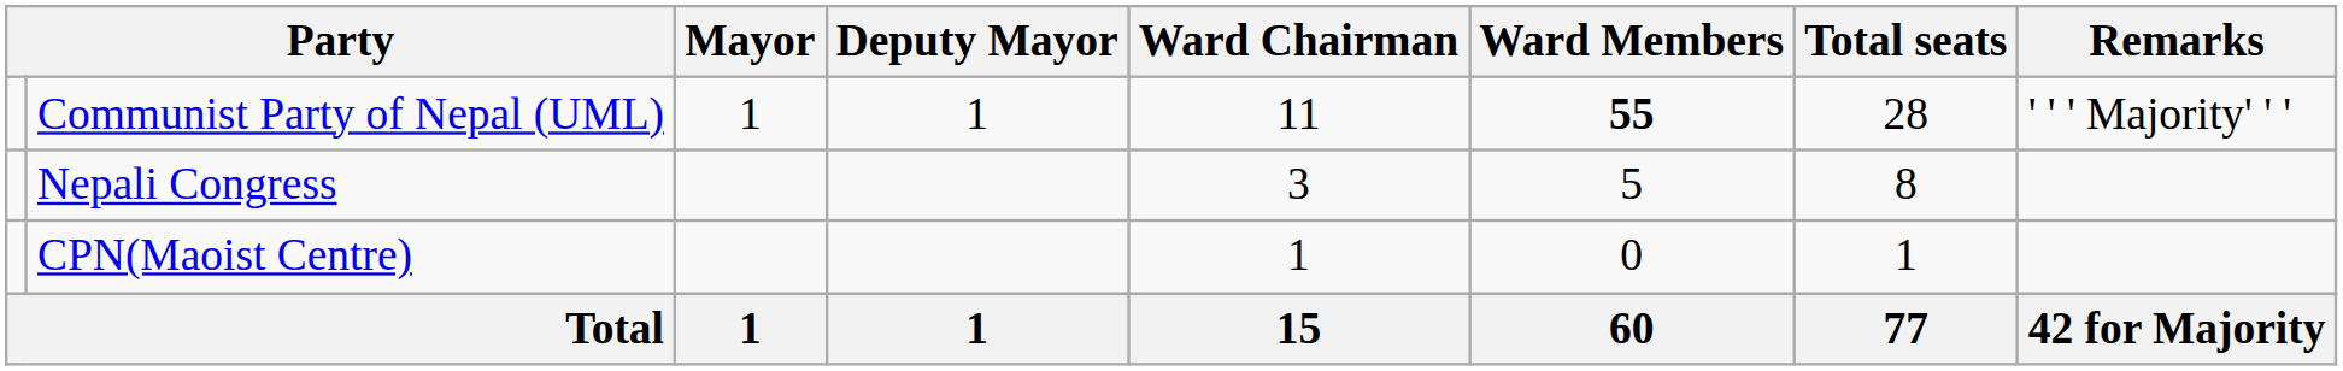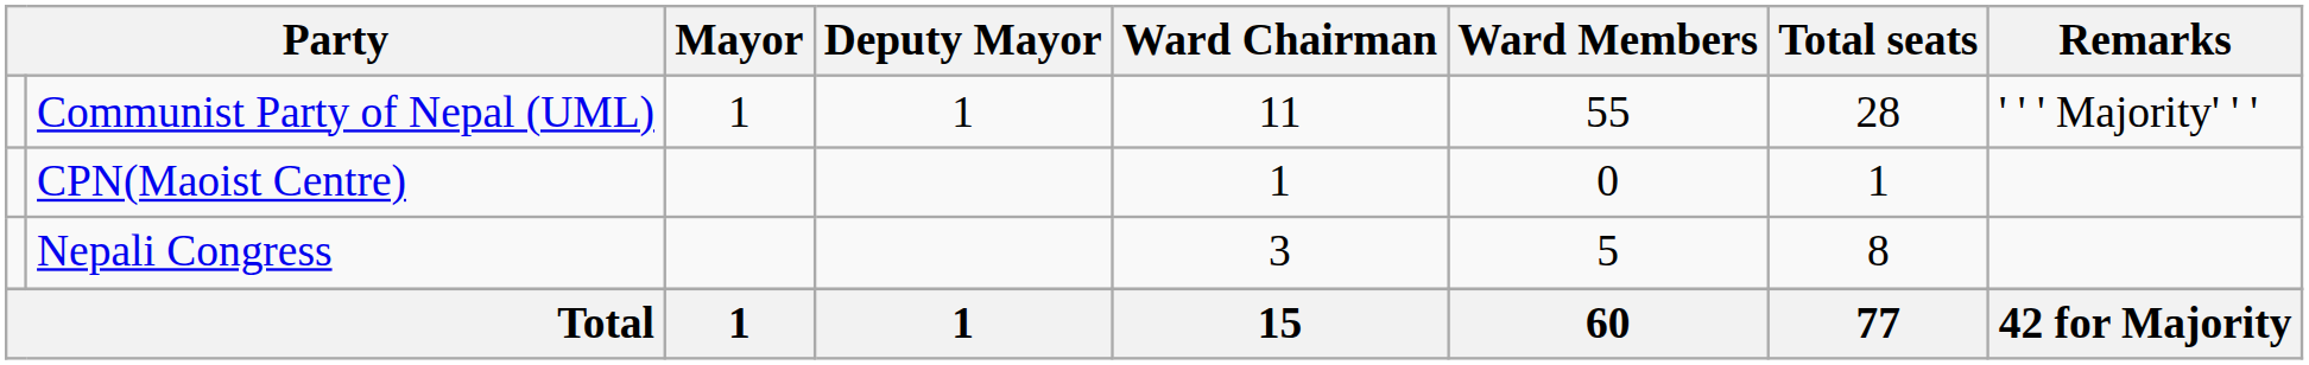 <table class="wikitable sortable">
 <tr>
 <th colspan="2" style="text-align:centre;">Party</th>
 <th>Mayor</th>
 <th>Deputy Mayor</th>
 <th>Ward Chairman</th>
 <th>Ward Members</th>
 <th>Total seats</th>
 <th>Remarks</th>
 </tr>
 <tr>
 <td style="background-color:"></td>
 <td style="text-align:left;"><a href='#'>Communist Party of Nepal (UML)</a></td>
 <td style="text-align:center;">1</td>
 <td style="text-align:center;">1</td>
 <td style="text-align:center;">11</td>
-<td style="text-align:center;"><strong>55</strong></td>
+<td style="text-align:center;">55</td>
 <td style="text-align:center;">28</td>
 <td>' ' ' Majority' ' '</td>
+</tr>
+<tr>
+<td style="background-color:"></td>
+<td style="text-align:left;"><a href='#'>CPN(Maoist Centre)</a></td>
+<td style="text-align:center;"></td>
+<td style="text-align:center;"></td>
+<td style="text-align:center;">1</td>
+<td style="text-align:center;">0</td>
+<td style="text-align:center;">1</td>
+<td></td>
 </tr>
 <tr>
 <td style="background-color:"></td>
 <td style="text-align:left;"><a href='#'>Nepali Congress</a></td>
 <td style="text-align:center;"></td>
 <td style="text-align:center;"></td>
 <td style="text-align:center;">3</td>
 <td style="text-align:center;">5</td>
 <td style="text-align:center;">8</td>
-<td></td>
-</tr>
-<tr>
-<td style="background-color:"></td>
-<td style="text-align:left;"><a href='#'>CPN(Maoist Centre)</a></td>
-<td style="text-align:center;"></td>
-<td style="text-align:center;"></td>
-<td style="text-align:center;">1</td>
-<td style="text-align:center;">0</td>
-<td style="text-align:center;">1</td>
 <td></td>
 </tr>
 <tr>
 </tr>
 <tr>
 <th colspan="2" style="text-align:right;">Total</th>
 <th>1</th>
 <th>1</th>
 <th>15</th>
 <th>60</th>
 <th>77</th>
 <th>42 for Majority</th>
 </tr>
 </table>
